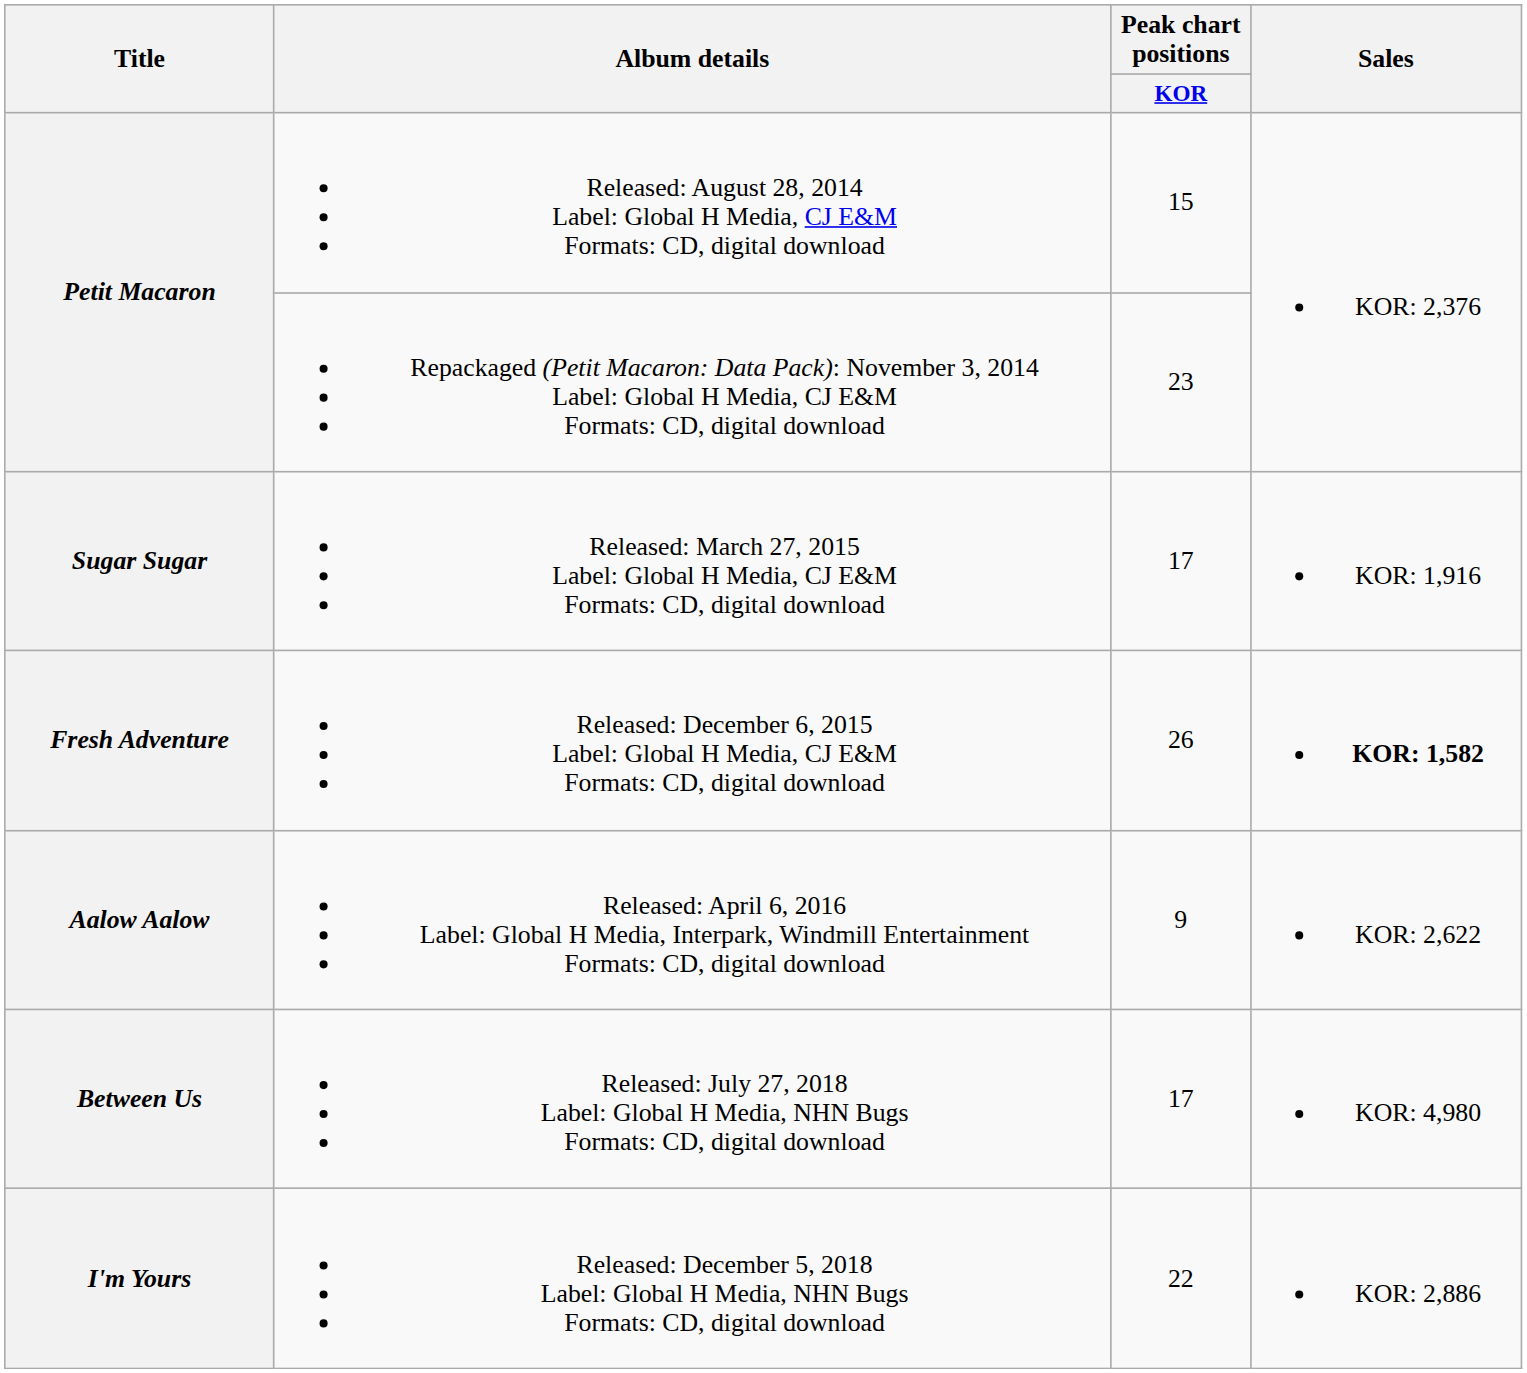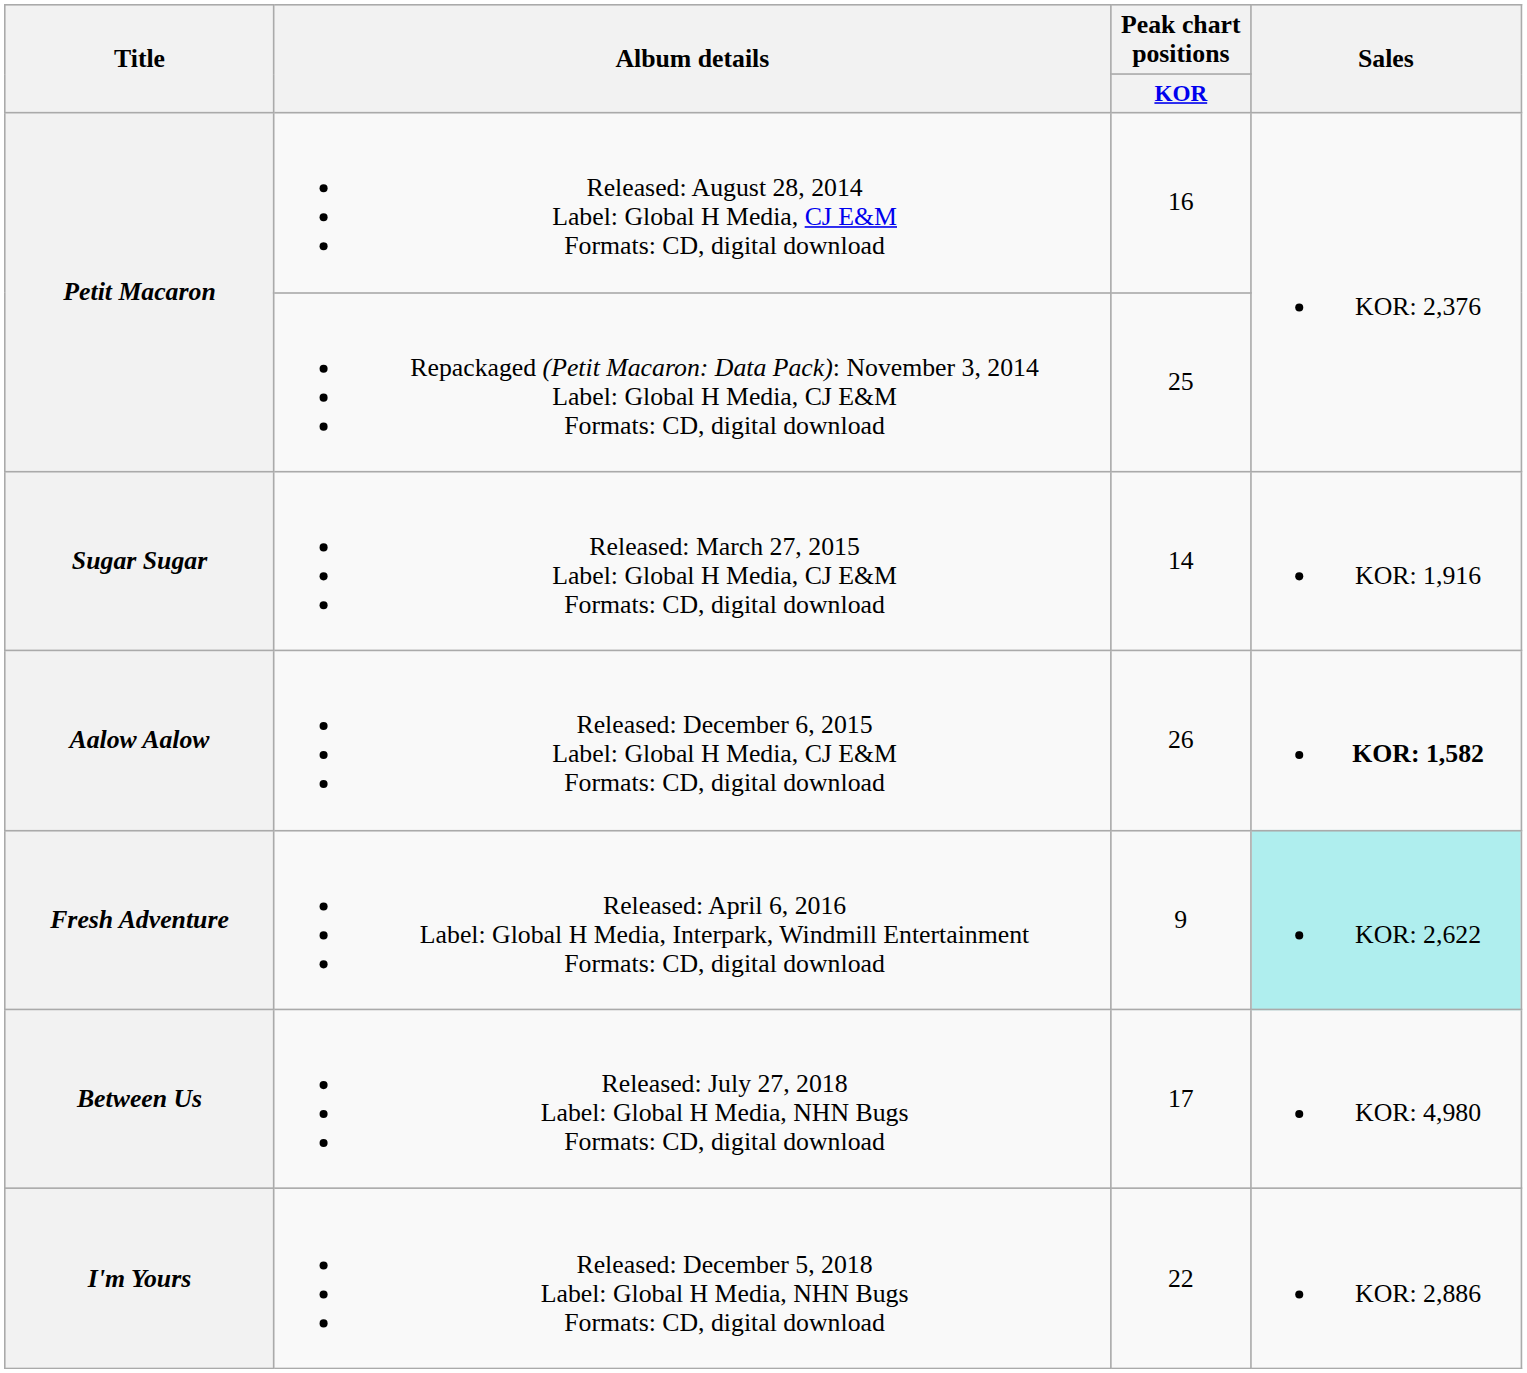 <table class="wikitable plainrowheaders" style="text-align:center;">
 <tr>
 <th scope="col" rowspan="2" style="width:10em;">Title</th>
 <th scope="col" rowspan="2" style="width:32em;">Album details</th>
 <th scope="col" colspan="1" style="width:5em;">Peak chart positions</th>
 <th scope="col" rowspan="2" style="width:10em;">Sales</th>
 </tr>
 <tr>
 <th scope="col" style="width:3em;font-size:90%;"><a href='#'>KOR</a><br></th>
 </tr>
 <tr>
 <th scope="row" rowspan="2"><em>Petit Macaron</em></th>
 <td><br><ul><li>Released: August 28, 2014</li><li>Label: Global H Media, <a href='#'>CJ E&M</a></li><li>Formats: CD, digital download</li></ul></td>
-<td>15</td>
+<td>16</td>
 <td rowspan="2"><br><ul><li>KOR: 2,376</li></ul></td>
 </tr>
 <tr>
 <td><br><ul><li>Repackaged <em>(Petit Macaron: Data Pack)</em>: November 3, 2014</li><li>Label: Global H Media, CJ E&M</li><li>Formats: CD, digital download</li></ul></td>
-<td>23</td>
+<td>25</td>
 </tr>
 <tr>
 <th scope="row"><em>Sugar Sugar</em></th>
 <td><br><ul><li>Released: March 27, 2015</li><li>Label: Global H Media, CJ E&M</li><li>Formats: CD, digital download</li></ul></td>
-<td>17</td>
+<td>14</td>
 <td><br><ul><li>KOR: 1,916</li></ul></td>
 </tr>
 <tr>
-<th scope="row"><em>Fresh Adventure</em></th>
+<th scope="row"><em>Aalow Aalow</em></th>
 <td><br><ul><li>Released: December 6, 2015</li><li>Label: Global H Media, CJ E&M</li><li>Formats: CD, digital download</li></ul></td>
 <td>26</td>
 <td><strong><br><ul><li>KOR: 1,582</li></ul></strong></td>
 </tr>
 <tr>
-<th scope="row"><em>Aalow Aalow</em></th>
+<th scope="row"><em>Fresh Adventure</em></th>
 <td><br><ul><li>Released: April 6, 2016</li><li>Label: Global H Media, Interpark, Windmill Entertainment</li><li>Formats: CD, digital download</li></ul></td>
 <td>9</td>
-<td><br><ul><li>KOR: 2,622</li></ul></td>
+<td style="background: paleturquoise;"><br><ul><li>KOR: 2,622</li></ul></td>
 </tr>
 <tr>
 <th scope="row"><em>Between Us</em></th>
 <td><br><ul><li>Released: July 27, 2018</li><li>Label: Global H Media, NHN Bugs</li><li>Formats: CD, digital download</li></ul></td>
 <td>17</td>
 <td><br><ul><li>KOR: 4,980</li></ul></td>
 </tr>
 <tr>
 <th scope="row"><em>I'm Yours</em></th>
 <td><br><ul><li>Released: December 5, 2018</li><li>Label: Global H Media, NHN Bugs</li><li>Formats: CD, digital download</li></ul></td>
 <td>22</td>
 <td><br><ul><li>KOR: 2,886</li></ul></td>
 </tr>
 </table>
